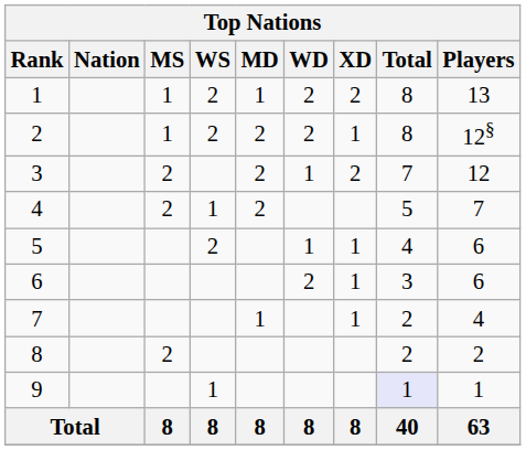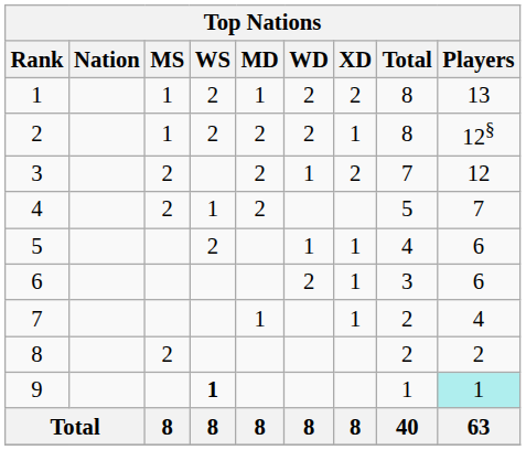 <table class="wikitable" style="text-align:center">
 <tr>
 <th colspan="11">Top Nations</th>
 </tr>
 <tr>
 <th>Rank</th>
 <th>Nation</th>
 <th>MS</th>
 <th>WS</th>
 <th>MD</th>
 <th>WD</th>
 <th>XD</th>
 <th>Total</th>
 <th>Players</th>
 </tr>
 <tr>
 <td>1</td>
 <td align="left"></td>
 <td>1</td>
 <td>2</td>
 <td>1</td>
 <td>2</td>
 <td>2</td>
 <td>8</td>
 <td>13</td>
 </tr>
 <tr>
 <td>2</td>
 <td align="left"></td>
 <td>1</td>
 <td>2</td>
 <td>2</td>
 <td>2</td>
 <td>1</td>
 <td>8</td>
 <td>12<sup>§</sup></td>
 </tr>
 <tr>
 <td>3</td>
 <td align="left"></td>
 <td>2</td>
 <td></td>
 <td>2</td>
 <td>1</td>
 <td>2</td>
 <td>7</td>
 <td>12</td>
 </tr>
 <tr>
 <td>4</td>
 <td align="left"></td>
 <td>2</td>
 <td>1</td>
 <td>2</td>
 <td></td>
 <td></td>
 <td>5</td>
 <td>7</td>
 </tr>
 <tr>
 <td>5</td>
 <td align="left"></td>
 <td></td>
 <td>2</td>
 <td></td>
 <td>1</td>
 <td>1</td>
 <td>4</td>
 <td>6</td>
 </tr>
 <tr>
 <td>6</td>
 <td align="left"></td>
 <td></td>
 <td></td>
 <td></td>
 <td>2</td>
 <td>1</td>
 <td>3</td>
 <td>6</td>
 </tr>
 <tr>
 <td>7</td>
 <td align="left"></td>
 <td></td>
 <td></td>
 <td>1</td>
 <td></td>
 <td>1</td>
 <td>2</td>
 <td>4</td>
 </tr>
 <tr>
 <td>8</td>
 <td align="left"></td>
 <td>2</td>
 <td></td>
 <td></td>
 <td></td>
 <td></td>
 <td>2</td>
 <td>2</td>
 </tr>
 <tr>
 <td>9</td>
 <td align="left"></td>
 <td></td>
-<td>1</td>
+<td><strong>1</strong></td>
 <td></td>
 <td></td>
 <td></td>
-<td style="background: lavender;">1</td>
 <td>1</td>
+<td style="background: paleturquoise;">1</td>
 </tr>
 <tr>
 <th colspan="2">Total</th>
 <th>8</th>
 <th>8</th>
 <th>8</th>
 <th>8</th>
 <th>8</th>
 <th>40</th>
 <th>63</th>
 </tr>
 <tr>
 </tr>
 </table>
